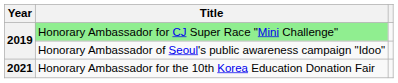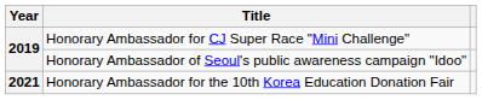 <table class="wikitable plainrowheaders sortable">
 <tr>
 <th scope="col">Year</th>
 <th scope="col">Title</th>
 <th scope="col" class="unsortable"></th>
 </tr>
 <tr>
 <th scope="row" rowspan="2">2019</th>
-<td style="background: lightgreen;">Honorary Ambassador for <a href='#'>CJ</a> Super Race "<a href='#'>Mini</a> Challenge"</td>
+<td>Honorary Ambassador for <a href='#'>CJ</a> Super Race "<a href='#'>Mini</a> Challenge"</td>
 <td style="text-align:center"></td>
 </tr>
 <tr>
 <td>Honorary Ambassador of <a href='#'>Seoul</a>'s public awareness campaign "Idoo"</td>
 <td style="text-align:center"></td>
 </tr>
 <tr>
 <th scope="row">2021</th>
 <td>Honorary Ambassador for the 10th <a href='#'>Korea</a> Education Donation Fair</td>
 <td style="text-align:center"></td>
 </tr>
 </table>
